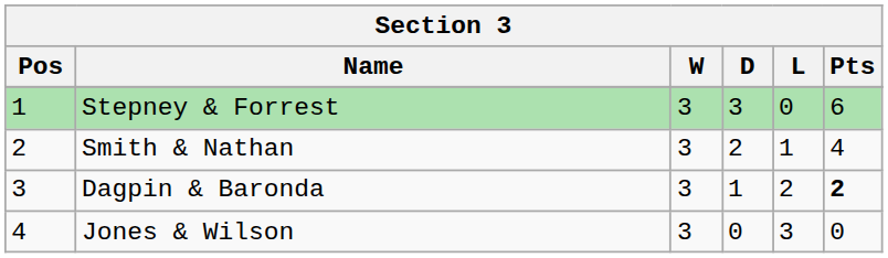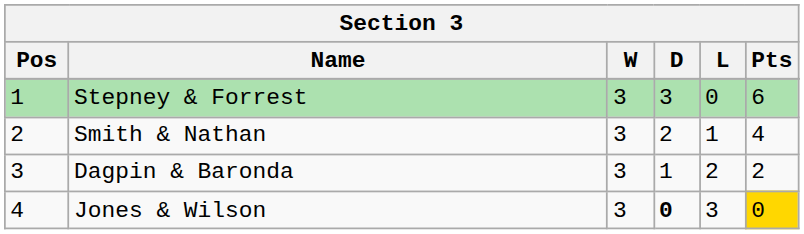 <table class="wikitable">
 <tr>
 <th colspan="6">Section 3</th>
 </tr>
 <tr>
 <th width=30>Pos</th>
 <th width=300>Name</th>
 <th width=20>W</th>
 <th width=20>D</th>
 <th width=20>L</th>
 <th width=20>Pts</th>
 </tr>
 <tr>
 </tr>
 <tr style="background:#ACE1AF;">
 <td>1</td>
 <td> Stepney & Forrest</td>
 <td>3</td>
 <td>3</td>
 <td>0</td>
 <td>6</td>
 </tr>
 <tr>
 <td>2</td>
 <td> Smith & Nathan</td>
 <td>3</td>
 <td>2</td>
 <td>1</td>
 <td>4</td>
 </tr>
 <tr>
 <td>3</td>
 <td> Dagpin & Baronda</td>
 <td>3</td>
 <td>1</td>
 <td>2</td>
-<td><strong>2</strong></td>
+<td>2</td>
 </tr>
 <tr>
 <td>4</td>
 <td> Jones & Wilson</td>
 <td>3</td>
-<td>0</td>
+<td><strong>0</strong></td>
 <td>3</td>
-<td>0</td>
+<td style="background: gold;">0</td>
 </tr>
 </table>
